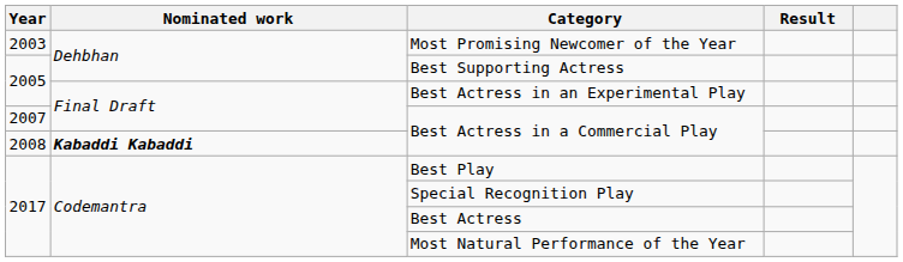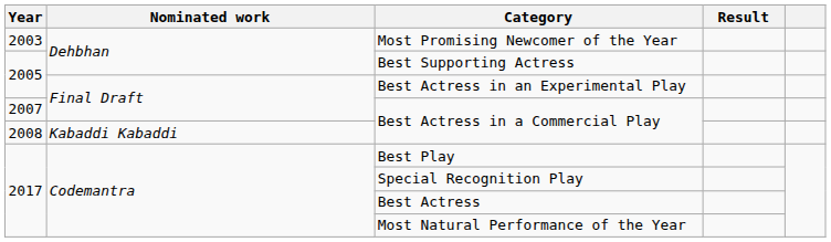 <table class="wikitable">
 <tr>
 <th width=5%>Year</th>
 <th width=40%>Nominated work</th>
 <th width=40%>Category</th>
 <th width=10%>Result</th>
 <th width=5%></th>
 </tr>
 <tr>
 <td style="text-align:center;">2003</td>
 <td rowspan="2"><em>Dehbhan</em></td>
 <td>Most Promising Newcomer of the Year</td>
 <td></td>
 <td style="text-align:center;"></td>
 </tr>
 <tr>
 <td rowspan="2" style="text-align:center;">2005</td>
 <td>Best Supporting Actress</td>
 <td></td>
 <td style="text-align:center;"></td>
 </tr>
 <tr>
 <td rowspan="2"><em>Final Draft</em></td>
 <td>Best Actress in an Experimental Play</td>
 <td></td>
 <td style="text-align:center;"></td>
 </tr>
 <tr>
 <td style="text-align:center;">2007</td>
 <td rowspan="2">Best Actress in a Commercial Play</td>
 <td></td>
 <td style="text-align:center;"></td>
 </tr>
 <tr>
 <td style="text-align:center;">2008</td>
-<td><strong><em>Kabaddi Kabaddi</em></strong></td>
+<td><em>Kabaddi Kabaddi</em></td>
 <td></td>
 <td style="text-align:center;"></td>
 </tr>
 <tr>
 <td rowspan="4" style="text-align:center;">2017</td>
 <td rowspan="4"><em>Codemantra</em></td>
 <td>Best Play</td>
 <td></td>
 <td rowspan="4" style="text-align:center;"></td>
 </tr>
 <tr>
 <td>Special Recognition Play</td>
 <td></td>
 </tr>
 <tr>
 <td>Best Actress</td>
 <td></td>
 </tr>
 <tr>
 <td>Most Natural Performance of the Year</td>
 <td></td>
 </tr>
 </table>
